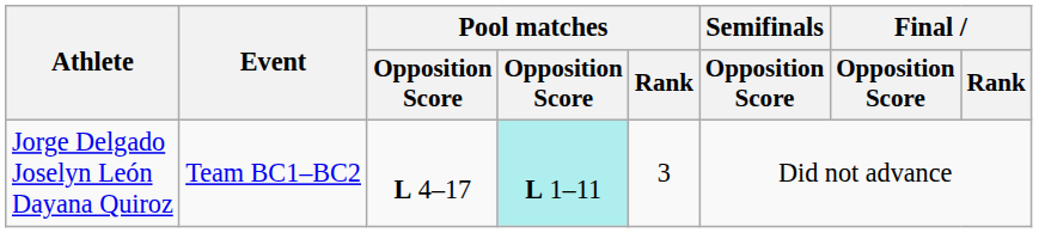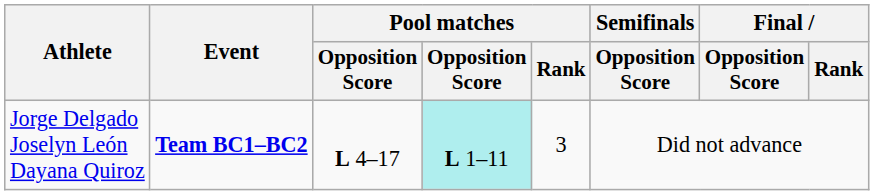 <table class=wikitable style="font-size:90%">
 <tr>
 <th rowspan="2">Athlete</th>
 <th rowspan="2">Event</th>
 <th colspan="3">Pool matches</th>
 <th>Semifinals</th>
 <th colspan=2>Final / </th>
 </tr>
 <tr style="font-size:95%">
 <th>Opposition<br>Score</th>
 <th>Opposition<br>Score</th>
 <th>Rank</th>
 <th>Opposition<br>Score</th>
 <th>Opposition<br>Score</th>
 <th>Rank</th>
 </tr>
 <tr align=center>
 <td align=left><a href='#'>Jorge Delgado</a><br><a href='#'>Joselyn León</a><br><a href='#'>Dayana Quiroz</a></td>
-<td align=left><a href='#'>Team BC1–BC2</a></td>
+<td align=left><strong><a href='#'>Team BC1–BC2</a></strong></td>
 <td><br><strong>L</strong> 4–17</td>
 <td style="background: paleturquoise;"><br><strong>L</strong> 1–11</td>
 <td>3</td>
 <td colspan=3>Did not advance</td>
 </tr>
 </table>
